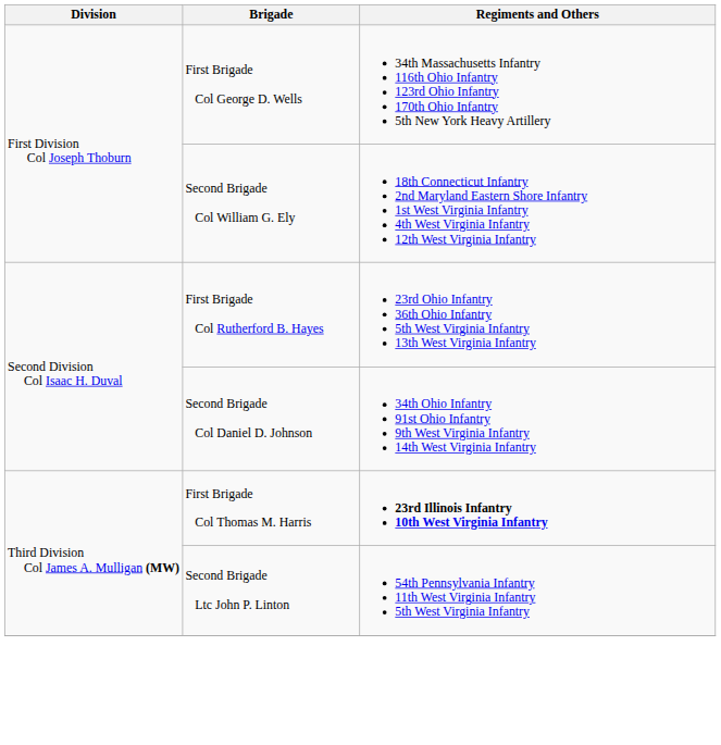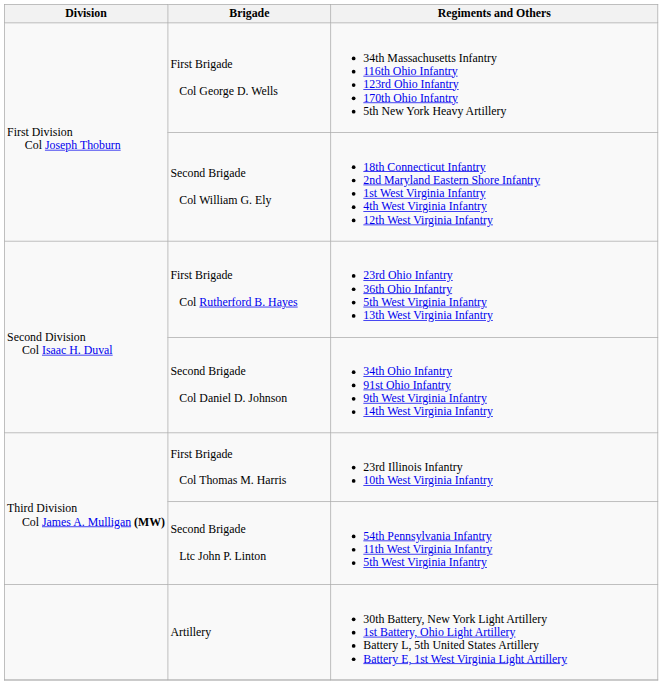 <table class="wikitable">
 <tr>
 <th width=25%>Division</th>
 <th width=25%>Brigade</th>
 <th>Regiments and Others</th>
 </tr>
 <tr>
 <td rowspan= 2><br>First Division<br>      Col <a href='#'>Joseph Thoburn</a></td>
 <td>First Brigade<br><br>   Col George D. Wells</td>
 <td><br><ul><li>34th Massachusetts Infantry</li><li><a href='#'>116th Ohio Infantry</a></li><li><a href='#'>123rd Ohio Infantry</a></li><li><a href='#'>170th Ohio Infantry</a></li><li>5th New York Heavy Artillery</li></ul></td>
 </tr>
 <tr>
 <td>Second Brigade<br><br>   Col William G. Ely</td>
 <td><br><ul><li><a href='#'>18th Connecticut Infantry</a></li><li><a href='#'>2nd Maryland Eastern Shore Infantry</a></li><li><a href='#'>1st West Virginia Infantry</a></li><li><a href='#'>4th West Virginia Infantry</a></li><li><a href='#'>12th West Virginia Infantry</a></li></ul></td>
 </tr>
 <tr>
 <td rowspan =2><br>Second Division<br>     Col <a href='#'>Isaac H. Duval</a></td>
 <td>First Brigade<br><br>   Col <a href='#'>Rutherford B. Hayes</a></td>
 <td><br><ul><li><a href='#'>23rd Ohio Infantry</a></li><li><a href='#'>36th Ohio Infantry</a></li><li><a href='#'>5th West Virginia Infantry</a></li><li><a href='#'>13th West Virginia Infantry</a></li></ul></td>
 </tr>
 <tr>
 <td>Second Brigade<br><br>   Col Daniel D. Johnson</td>
 <td><br><ul><li><a href='#'>34th Ohio Infantry</a></li><li><a href='#'>91st Ohio Infantry</a></li><li><a href='#'>9th West Virginia Infantry</a></li><li><a href='#'>14th West Virginia Infantry</a></li></ul></td>
 </tr>
 <tr>
 <td rowspan= 2><br>Third Division<br>     Col <a href='#'>James A. Mulligan</a> <strong>(MW)</strong></td>
 <td>First Brigade<br><br>   Col Thomas M. Harris</td>
-<td><strong><br><ul><li>23rd Illinois Infantry</li><li><a href='#'>10th West Virginia Infantry</a></li></ul></strong></td>
+<td><br><ul><li>23rd Illinois Infantry</li><li><a href='#'>10th West Virginia Infantry</a></li></ul></td>
 </tr>
 <tr>
 <td>Second Brigade<br><br>   Ltc John P. Linton</td>
 <td><br><ul><li><a href='#'>54th Pennsylvania Infantry</a></li><li><a href='#'>11th West Virginia Infantry</a></li><li><a href='#'>5th West Virginia Infantry</a></li></ul></td>
 </tr>
 <tr>
+<td></td>
+<td>Artillery</td>
+<td><br><ul><li>30th Battery, New York Light Artillery</li><li><a href='#'>1st Battery, Ohio Light Artillery</a></li><li>Battery L, 5th United States Artillery</li><li><a href='#'>Battery E, 1st West Virginia Light Artillery</a></li></ul></td>
+</tr>
+<tr>
 </tr>
 </table>
